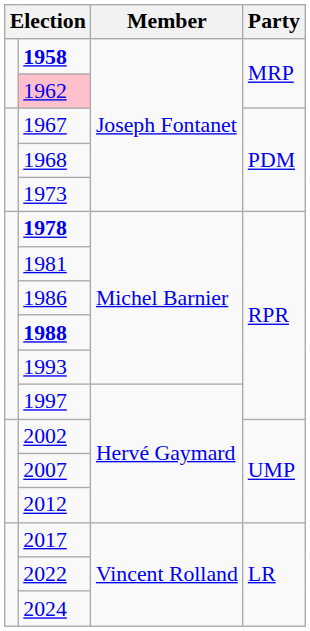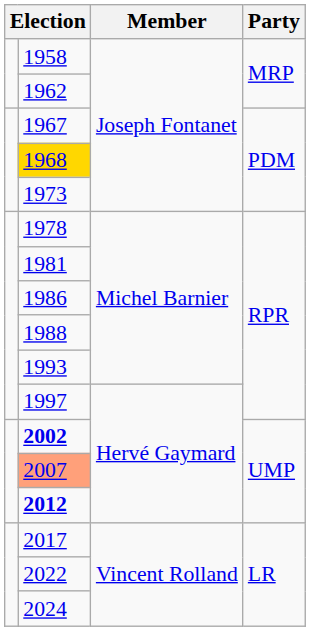 <table class="wikitable">
 <tr>
 <th colspan=2>Election</th>
 <th>Member</th>
 <th>Party</th>
 </tr>
 <tr>
 <td rowspan="2" style="background-color: "></td>
-<td><strong><a href='#'>1958</a></strong></td>
+<td><a href='#'>1958</a></td>
 <td rowspan="5"><a href='#'>Joseph Fontanet</a></td>
 <td rowspan="2"><a href='#'>MRP</a></td>
 </tr>
 <tr>
-<td style="background: pink;"><a href='#'>1962</a></td>
+<td><a href='#'>1962</a></td>
 </tr>
 <tr>
 <td rowspan="3" style="background-color: "></td>
 <td><a href='#'>1967</a></td>
 <td rowspan="3"><a href='#'>PDM</a></td>
 </tr>
 <tr>
-<td><a href='#'>1968</a></td>
+<td style="background: gold;"><a href='#'>1968</a></td>
 </tr>
 <tr>
 <td><a href='#'>1973</a></td>
 </tr>
 <tr>
 <td rowspan="6" style="background-color: "></td>
-<td><strong><a href='#'>1978</a></strong></td>
+<td><a href='#'>1978</a></td>
 <td rowspan="5"><a href='#'>Michel Barnier</a></td>
 <td rowspan="6"><a href='#'>RPR</a></td>
 </tr>
 <tr>
 <td><a href='#'>1981</a></td>
 </tr>
 <tr>
 <td><a href='#'>1986</a></td>
 </tr>
 <tr>
-<td><strong><a href='#'>1988</a></strong></td>
+<td><a href='#'>1988</a></td>
 </tr>
 <tr>
 <td><a href='#'>1993</a></td>
 </tr>
 <tr>
 <td><a href='#'>1997</a></td>
 <td rowspan="4"><a href='#'>Hervé Gaymard</a></td>
 </tr>
 <tr>
 <td rowspan="3" style="background-color: "></td>
-<td><a href='#'>2002</a></td>
+<td><strong><a href='#'>2002</a></strong></td>
 <td rowspan="3"><a href='#'>UMP</a></td>
 </tr>
 <tr>
-<td><a href='#'>2007</a></td>
+<td style="background: lightsalmon;"><a href='#'>2007</a></td>
 </tr>
 <tr>
-<td><a href='#'>2012</a></td>
+<td><strong><a href='#'>2012</a></strong></td>
 </tr>
 <tr>
 <td rowspan="3" style="background-color: "></td>
 <td><a href='#'>2017</a></td>
 <td rowspan="3"><a href='#'>Vincent Rolland</a></td>
 <td rowspan="3"><a href='#'>LR</a></td>
 </tr>
 <tr>
 <td><a href='#'>2022</a></td>
 </tr>
 <tr>
 <td><a href='#'>2024</a></td>
 </tr>
 </table>
